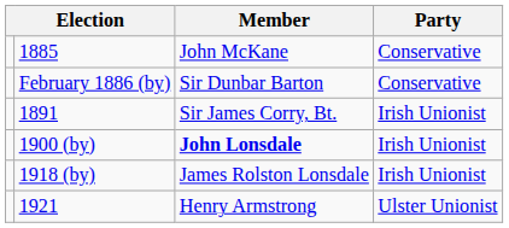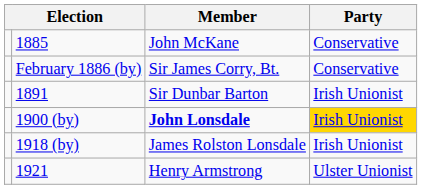 <table class="wikitable">
 <tr>
 <th colspan="2">Election</th>
 <th>Member</th>
 <th>Party</th>
 </tr>
 <tr>
 <td style="color:inherit;background-color: "></td>
 <td><a href='#'>1885</a></td>
 <td><a href='#'>John McKane</a></td>
 <td><a href='#'>Conservative</a></td>
 </tr>
 <tr>
 <td style="color:inherit;background-color: "></td>
 <td><a href='#'>February 1886 (by)</a></td>
-<td><a href='#'>Sir Dunbar Barton</a></td>
+<td><a href='#'>Sir James Corry, Bt.</a></td>
 <td><a href='#'>Conservative</a></td>
 </tr>
 <tr>
 <td style="color:inherit;background-color: "></td>
 <td><a href='#'>1891</a></td>
-<td><a href='#'>Sir James Corry, Bt.</a></td>
+<td><a href='#'>Sir Dunbar Barton</a></td>
 <td><a href='#'>Irish Unionist</a></td>
 </tr>
 <tr>
 <td style="color:inherit;background-color: "></td>
 <td><a href='#'>1900 (by)</a></td>
 <td><strong><a href='#'>John Lonsdale</a></strong></td>
-<td><a href='#'>Irish Unionist</a></td>
+<td style="background: gold;"><a href='#'>Irish Unionist</a></td>
 </tr>
 <tr>
 <td style="color:inherit;background-color: "></td>
 <td><a href='#'>1918 (by)</a></td>
 <td><a href='#'>James Rolston Lonsdale</a></td>
 <td><a href='#'>Irish Unionist</a></td>
 </tr>
 <tr>
 <td style="color:inherit;background-color: "></td>
 <td><a href='#'>1921</a></td>
 <td><a href='#'>Henry Armstrong</a></td>
 <td><a href='#'>Ulster Unionist</a></td>
 </tr>
 </table>
